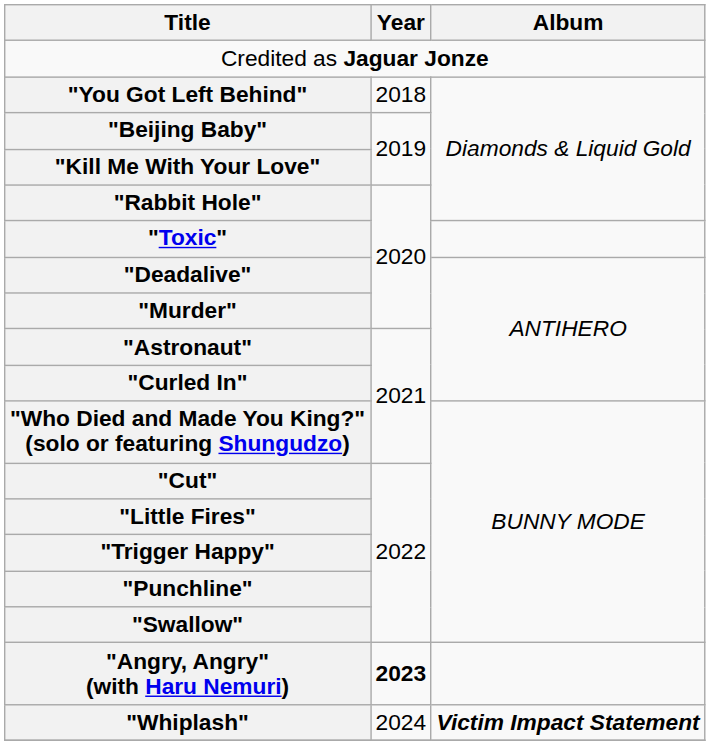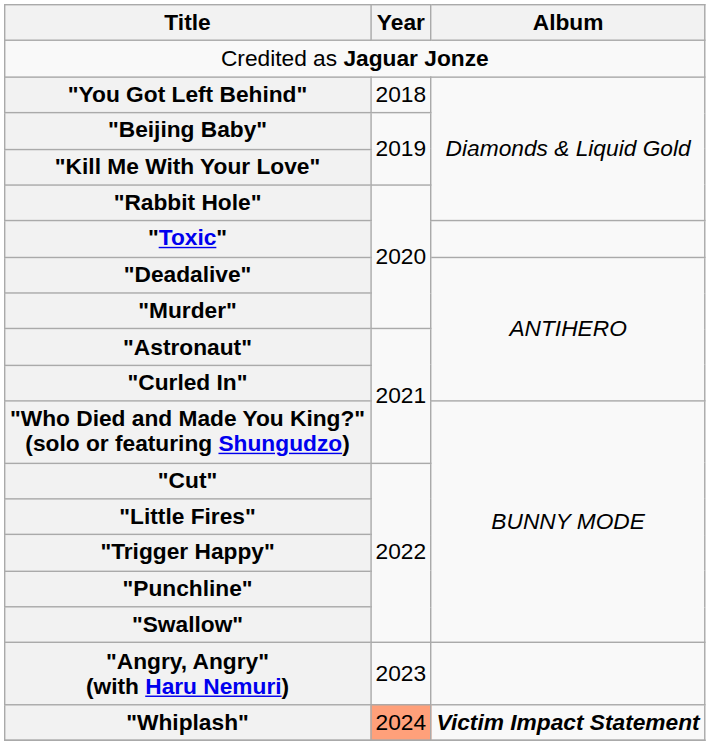 <table class="wikitable plainrowheaders" style="text-align:center;">
 <tr>
 <th scope="col">Title</th>
 <th scope="col">Year<br></th>
 <th scope="col">Album</th>
 </tr>
 <tr>
 <td colspan=3>Credited as <strong>Jaguar Jonze</strong></td>
 </tr>
 <tr>
 <th scope="row">"You Got Left Behind"</th>
 <td>2018</td>
 <td rowspan="4"><em>Diamonds & Liquid Gold</em></td>
 </tr>
 <tr>
 <th scope="row">"Beijing Baby"</th>
 <td rowspan="2">2019</td>
 </tr>
 <tr>
 <th scope="row">"Kill Me With Your Love"</th>
 </tr>
 <tr>
 <th scope="row">"Rabbit Hole"</th>
 <td rowspan="4">2020</td>
 </tr>
 <tr>
 <th scope="row">"<a href='#'>Toxic</a>"</th>
 <td></td>
 </tr>
 <tr>
 <th scope="row">"Deadalive"</th>
 <td rowspan="4"><em>ANTIHERO</em></td>
 </tr>
 <tr>
 <th scope="row">"Murder"</th>
 </tr>
 <tr>
 <th scope="row">"Astronaut"</th>
 <td rowspan="3">2021</td>
 </tr>
 <tr>
 <th scope="row">"Curled In"</th>
 </tr>
 <tr>
 <th scope="row">"Who Died and Made You King?" <br> (solo or featuring <a href='#'>Shungudzo</a>)</th>
 <td rowspan="6"><em>BUNNY MODE</em></td>
 </tr>
 <tr>
 <th scope="row">"Cut"</th>
 <td rowspan="5">2022</td>
 </tr>
 <tr>
 <th scope="row">"Little Fires"</th>
 </tr>
 <tr>
 <th scope="row">"Trigger Happy"</th>
 </tr>
 <tr>
 <th scope="row">"Punchline"</th>
 </tr>
 <tr>
 <th scope="row">"Swallow"</th>
 </tr>
 <tr>
 <th scope="row">"Angry, Angry" <br> (with <a href='#'>Haru Nemuri</a>)</th>
-<td rowspan="1"><strong>2023</strong></td>
+<td rowspan="1">2023</td>
 <td></td>
 </tr>
 <tr>
 <th scope="row">"Whiplash" </th>
-<td rowspan="1">2024</td>
+<td rowspan="1" style="background: lightsalmon;">2024</td>
 <td><strong><em>Victim Impact Statement</em></strong></td>
 </tr>
 <tr>
 </tr>
 </table>
